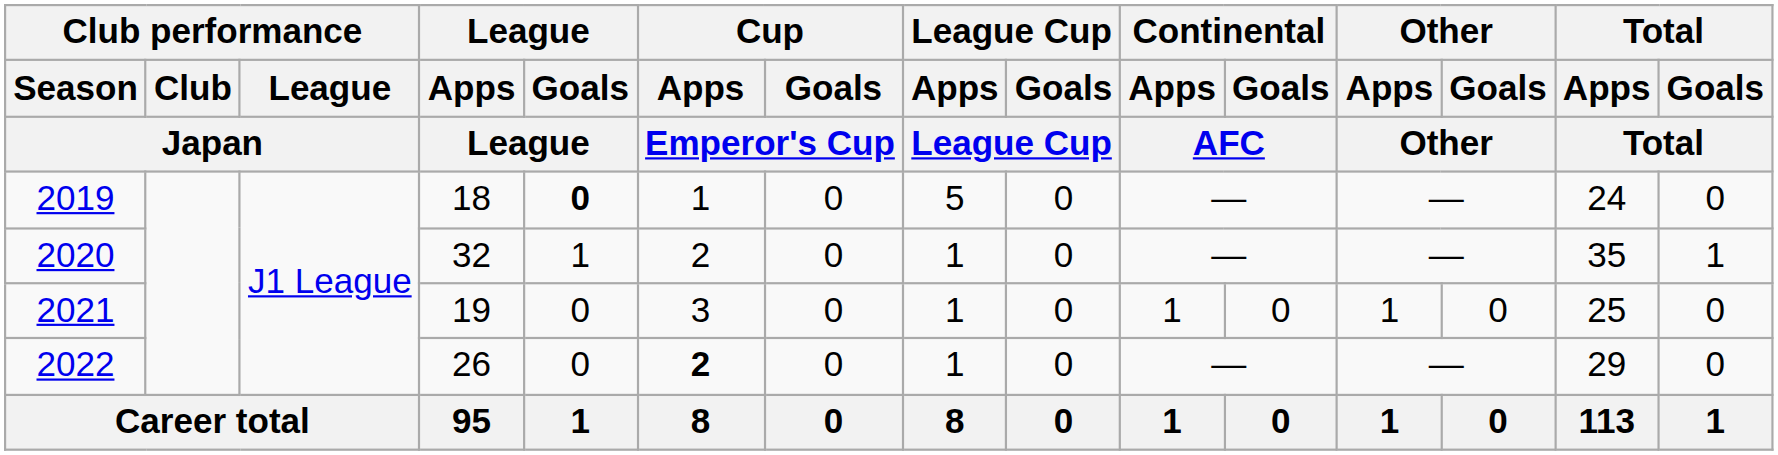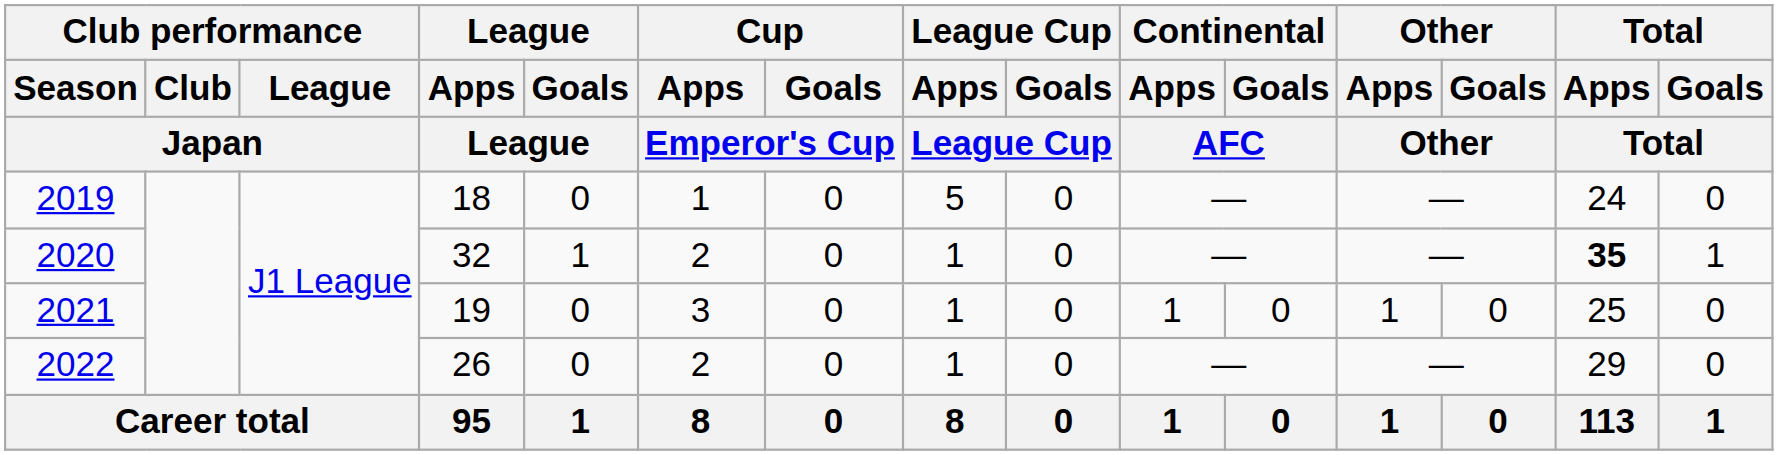 <table class="wikitable" style="text-align:center">
 <tr>
 <th colspan=3>Club performance</th>
 <th colspan=2>League</th>
 <th colspan=2>Cup</th>
 <th colspan=2>League Cup</th>
 <th colspan=2>Continental</th>
 <th colspan=2>Other</th>
 <th colspan=2>Total</th>
 </tr>
 <tr>
 <th>Season</th>
 <th>Club</th>
 <th>League</th>
 <th>Apps</th>
 <th>Goals</th>
 <th>Apps</th>
 <th>Goals</th>
 <th>Apps</th>
 <th>Goals</th>
 <th>Apps</th>
 <th>Goals</th>
 <th>Apps</th>
 <th>Goals</th>
 <th>Apps</th>
 <th>Goals</th>
 </tr>
 <tr>
 <th colspan=3>Japan</th>
 <th colspan=2>League</th>
 <th colspan=2><a href='#'>Emperor's Cup</a></th>
 <th colspan=2><a href='#'>League Cup</a></th>
 <th colspan=2><a href='#'>AFC</a></th>
 <th colspan=2>Other</th>
 <th colspan=2>Total</th>
 </tr>
 <tr>
 <td><a href='#'>2019</a></td>
 <td rowspan="4"></td>
 <td rowspan="4"><a href='#'>J1 League</a></td>
 <td>18</td>
-<td><strong>0</strong></td>
+<td>0</td>
 <td>1</td>
 <td>0</td>
 <td>5</td>
 <td>0</td>
 <td colspan="2">—</td>
 <td colspan="2">—</td>
 <td>24</td>
 <td>0</td>
 </tr>
 <tr>
 <td><a href='#'>2020</a></td>
 <td>32</td>
 <td>1</td>
 <td>2</td>
 <td>0</td>
 <td>1</td>
 <td>0</td>
 <td colspan="2">—</td>
 <td colspan="2">—</td>
-<td>35</td>
+<td><strong>35</strong></td>
 <td>1</td>
 </tr>
 <tr>
 <td><a href='#'>2021</a></td>
 <td>19</td>
 <td>0</td>
 <td>3</td>
 <td>0</td>
 <td>1</td>
 <td>0</td>
 <td>1</td>
 <td>0</td>
 <td>1</td>
 <td>0</td>
 <td>25</td>
 <td>0</td>
 </tr>
 <tr>
 <td><a href='#'>2022</a></td>
 <td>26</td>
 <td>0</td>
-<td><strong>2</strong></td>
+<td>2</td>
 <td>0</td>
 <td>1</td>
 <td>0</td>
 <td colspan="2">—</td>
 <td colspan="2">—</td>
 <td>29</td>
 <td>0</td>
 </tr>
 <tr>
 <th colspan=3>Career total</th>
 <th>95</th>
 <th>1</th>
 <th>8</th>
 <th>0</th>
 <th>8</th>
 <th>0</th>
 <th>1</th>
 <th>0</th>
 <th>1</th>
 <th>0</th>
 <th>113</th>
 <th>1</th>
 </tr>
 </table>
